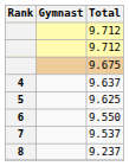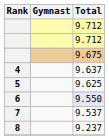 <table class="wikitable sortable" style="text-align:center; font-size:95%">
 <tr>
 <th scope=col>Rank</th>
 <th scope=col>Gymnast</th>
 <th scope=col>Total</th>
 </tr>
 <tr bgcolor=fffcaf>
 <th scope=row style="text-align:center"></th>
 <td align=left></td>
 <td>9.712</td>
 </tr>
 <tr bgcolor=fffcaf>
 <th scope=row style="text-align:center"></th>
 <td align=left></td>
 <td>9.712</td>
 </tr>
 <tr bgcolor=eecc99>
 <th scope=row style="text-align:center"></th>
 <td align=left></td>
 <td>9.675</td>
 </tr>
 <tr>
 <th scope=row style="text-align:center">4</th>
 <td align=left></td>
 <td>9.637</td>
 </tr>
 <tr>
 <th scope=row style="text-align:center">5</th>
 <td align=left></td>
 <td>9.625</td>
 </tr>
 <tr>
 <th scope=row style="text-align:center">6</th>
 <td align=left></td>
-<td>9.550</td>
+<td style="background: lavender;">9.550</td>
 </tr>
 <tr>
 <th scope=row style="text-align:center">7</th>
 <td align=left></td>
 <td>9.537</td>
 </tr>
 <tr>
 <th scope=row style="text-align:center">8</th>
 <td align=left></td>
 <td>9.237</td>
 </tr>
 <tr>
 </tr>
 </table>
